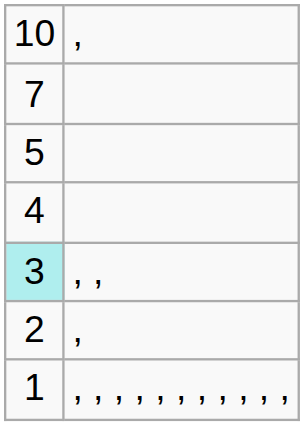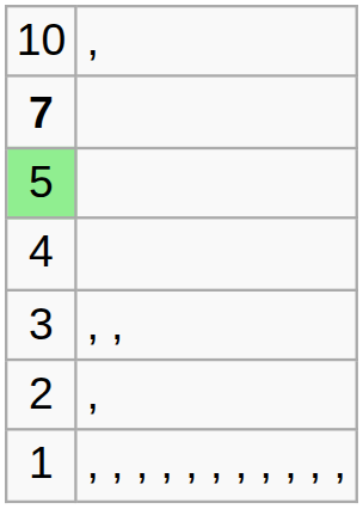 <table class="wikitable">
 <tr>
 <td align=center>10</td>
 <td>, </td>
 </tr>
 <tr>
-<td align=center>7</td>
+<td align=center><strong>7</strong></td>
 <td></td>
 </tr>
 <tr>
-<td align=center>5</td>
+<td align=center style="background: lightgreen;">5</td>
 <td></td>
 </tr>
 <tr>
 <td align=center>4</td>
 <td></td>
 </tr>
 <tr>
-<td align=center style="background: paleturquoise;">3</td>
+<td align=center>3</td>
 <td>, , </td>
 </tr>
 <tr>
 <td align=center>2</td>
 <td>, </td>
 </tr>
 <tr>
 <td align=center>1</td>
 <td>, , , , , , , , , , , </td>
 </tr>
 </table>
